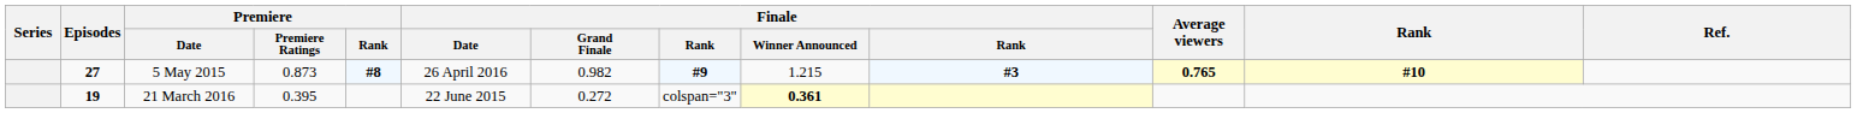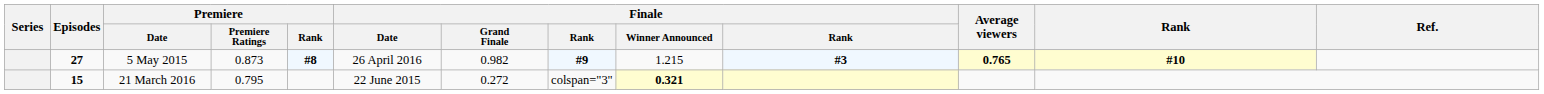 <table class="wikitable" style="text-align:center;">
 <tr>
 <th rowspan="2" style="width:3%;">Series</th>
 <th rowspan="2" style="width:3%;">Episodes</th>
 <th colspan="3">Premiere</th>
 <th colspan="5">Finale</th>
 <th rowspan="2" style="width:5%;">Average viewers<br></th>
 <th rowspan="2">Rank</th>
 <th rowspan="2">Ref.</th>
 </tr>
 <tr>
 <th style="width:7%; font-size:smaller; line-height:100%;" span>Date</th>
 <th style="width:5%; font-size:smaller; line-height:100%;" span>Premiere<br>Ratings<br></th>
 <th style="width:3%; font-size:smaller; line-height:100%;" span>Rank</th>
 <th style="width:7%; font-size:smaller; line-height:100%;" span>Date</th>
 <th style="width:7%; font-size:smaller; line-height:100%;" span>Grand<br>Finale<br></th>
 <th style="width:3%; font-size:smaller; line-height:100%;" span>Rank</th>
 <th style="width:7%; font-size:smaller; line-height:100%;" span>Winner Announced<br></th>
 <th style="width:%; font-size:smaller; line-height:100%;" span>Rank</th>
 </tr>
 <tr>
 <th scope="row"></th>
 <td><strong>27</strong></td>
 <td>5 May 2015</td>
 <td>0.873</td>
 <td style="background:#F0F8FF"><strong>#8</strong></td>
 <td>26 April 2016</td>
 <td>0.982</td>
 <td style="background:#F0F8FF"><strong>#9</strong></td>
 <td>1.215</td>
 <td style="background:#F0F8FF"><strong>#3</strong></td>
 <th style="background:#FFFDD0">0.765</th>
 <th style="background:#FFFDD0">#10</th>
 <td></td>
 </tr>
 <tr>
 <th scope="row"></th>
-<td><strong>19</strong></td>
+<td><strong>15</strong></td>
 <td>21 March 2016</td>
-<td>0.395</td>
+<td>0.795</td>
 <td></td>
 <td>22 June 2015</td>
 <td>0.272</td>
 <td>colspan="3" </td>
-<th style="background:#FFFDD0">0.361</th>
+<th style="background:#FFFDD0">0.321</th>
 <th style="background:#FFFDD0"></th>
 <td></td>
 </tr>
 </table>
